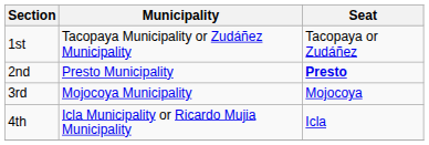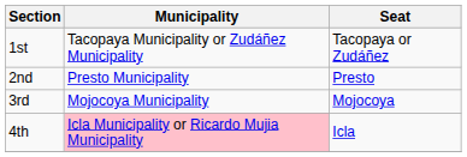 <table class="wikitable" border="1" style="width:40%;" border="1">
 <tr bgcolor=silver>
 <th>Section</th>
 <th>Municipality</th>
 <th>Seat</th>
 </tr>
 <tr>
 <td>1st</td>
 <td>Tacopaya Municipality or <a href='#'>Zudáñez Municipality</a></td>
 <td>Tacopaya or <a href='#'>Zudáñez</a></td>
 </tr>
 <tr>
 <td>2nd</td>
 <td><a href='#'>Presto Municipality</a></td>
-<td><strong><a href='#'>Presto</a></strong></td>
+<td><a href='#'>Presto</a></td>
 </tr>
 <tr>
 <td>3rd</td>
 <td><a href='#'>Mojocoya Municipality</a></td>
 <td><a href='#'>Mojocoya</a></td>
 </tr>
 <tr>
 <td>4th</td>
-<td><a href='#'>Icla Municipality</a> or <a href='#'>Ricardo Mujia Municipality</a></td>
+<td style="background: pink;"><a href='#'>Icla Municipality</a> or <a href='#'>Ricardo Mujia Municipality</a></td>
 <td><a href='#'>Icla</a></td>
 </tr>
 <tr>
 </tr>
 </table>
